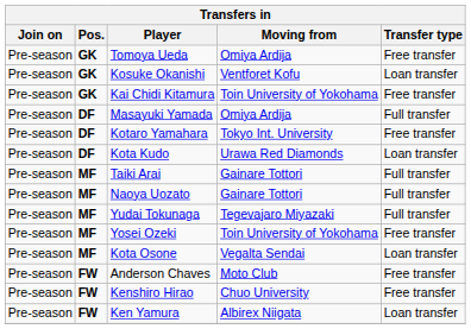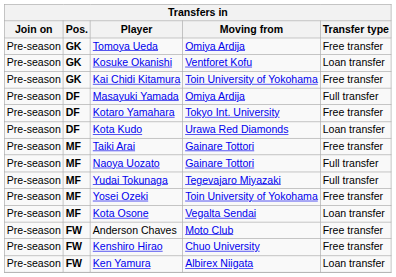 <table class="wikitable sortable" style=“text-align:left;>
 <tr>
 <th colspan="5">Transfers in</th>
 </tr>
 <tr>
 <th>Join on</th>
 <th>Pos.</th>
 <th>Player</th>
 <th>Moving from</th>
 <th>Transfer type</th>
 </tr>
 <tr>
 <td>Pre-season</td>
 <td><strong>GK</strong></td>
 <td> <a href='#'>Tomoya Ueda</a></td>
 <td> <a href='#'>Omiya Ardija</a></td>
 <td>Free transfer</td>
 </tr>
 <tr>
 <td>Pre-season</td>
 <td><strong>GK</strong></td>
 <td> <a href='#'>Kosuke Okanishi</a></td>
 <td> <a href='#'>Ventforet Kofu</a></td>
 <td>Loan transfer</td>
 </tr>
 <tr>
 <td>Pre-season</td>
 <td><strong>GK</strong></td>
 <td> <a href='#'>Kai Chidi Kitamura</a></td>
 <td> <a href='#'>Toin University of Yokohama</a></td>
 <td>Free transfer</td>
 </tr>
 <tr>
 <td>Pre-season</td>
 <td><strong>DF</strong></td>
 <td> <a href='#'>Masayuki Yamada</a></td>
 <td> <a href='#'>Omiya Ardija</a></td>
 <td>Full transfer</td>
 </tr>
 <tr>
 <td>Pre-season</td>
 <td><strong>DF</strong></td>
 <td> <a href='#'>Kotaro Yamahara</a></td>
 <td> <a href='#'>Tokyo Int. University</a></td>
 <td>Free transfer</td>
 </tr>
 <tr>
 <td>Pre-season</td>
 <td><strong>DF</strong></td>
 <td> <a href='#'>Kota Kudo</a></td>
 <td> <a href='#'>Urawa Red Diamonds</a></td>
 <td>Loan transfer</td>
 </tr>
 <tr>
 <td>Pre-season</td>
 <td><strong>MF</strong></td>
 <td> <a href='#'>Taiki Arai</a></td>
 <td> <a href='#'>Gainare Tottori</a></td>
-<td>Full transfer</td>
+<td>Free transfer</td>
 </tr>
 <tr>
 <td>Pre-season</td>
 <td><strong>MF</strong></td>
 <td> <a href='#'>Naoya Uozato</a></td>
 <td> <a href='#'>Gainare Tottori</a></td>
 <td>Full transfer</td>
 </tr>
 <tr>
 <td>Pre-season</td>
 <td><strong>MF</strong></td>
 <td> <a href='#'>Yudai Tokunaga</a></td>
 <td> <a href='#'>Tegevajaro Miyazaki</a></td>
 <td>Full transfer</td>
 </tr>
 <tr>
 <td>Pre-season</td>
 <td><strong>MF</strong></td>
 <td> <a href='#'>Yosei Ozeki</a></td>
 <td> <a href='#'>Toin University of Yokohama</a></td>
 <td>Free transfer</td>
 </tr>
 <tr>
 <td>Pre-season</td>
 <td><strong>MF</strong></td>
 <td> <a href='#'>Kota Osone</a></td>
 <td> <a href='#'>Vegalta Sendai</a></td>
 <td>Loan transfer</td>
 </tr>
 <tr>
 <td>Pre-season</td>
 <td><strong>FW</strong></td>
 <td> Anderson Chaves</td>
 <td> <a href='#'>Moto Club</a></td>
 <td>Free transfer</td>
 </tr>
 <tr>
 <td>Pre-season</td>
 <td><strong>FW</strong></td>
 <td> <a href='#'>Kenshiro Hirao</a></td>
 <td> <a href='#'>Chuo University</a></td>
 <td>Free transfer</td>
 </tr>
 <tr>
 <td>Pre-season</td>
 <td><strong>FW</strong></td>
 <td> <a href='#'>Ken Yamura</a></td>
 <td> <a href='#'>Albirex Niigata</a></td>
 <td>Loan transfer</td>
 </tr>
 <tr>
 </tr>
 </table>
